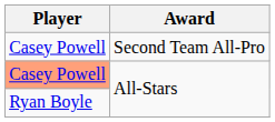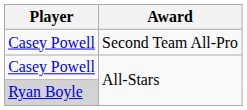 <table class="wikitable">
 <tr>
 <th>Player</th>
 <th>Award</th>
 </tr>
 <tr>
 <td><a href='#'>Casey Powell</a></td>
 <td>Second Team All-Pro</td>
 </tr>
 <tr>
-<td style="background: lightsalmon;"><a href='#'>Casey Powell</a></td>
+<td><a href='#'>Casey Powell</a></td>
 <td rowspan=2>All-Stars</td>
 </tr>
 <tr>
-<td><a href='#'>Ryan Boyle</a></td>
+<td style="background: lightgrey;"><a href='#'>Ryan Boyle</a></td>
 </tr>
 </table>
